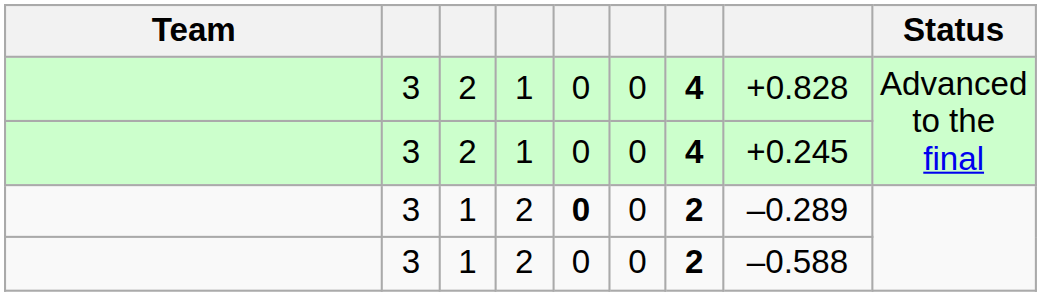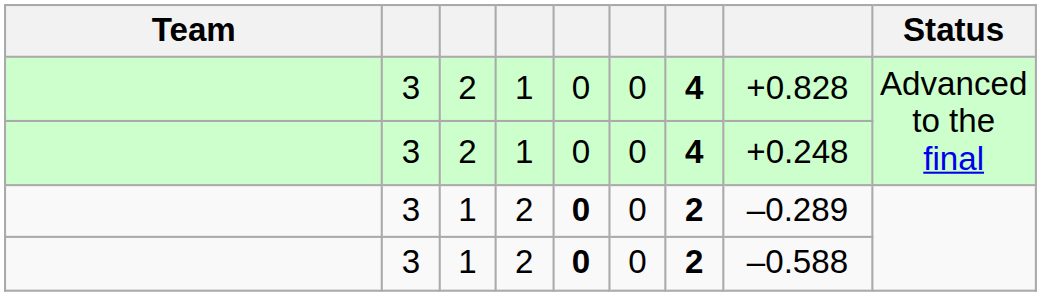 <table class="wikitable" style="text-align:center">
 <tr>
 <th style="width:175px;">Team</th>
 <th style="width:20px;"></th>
 <th style="width:20px;"></th>
 <th style="width:20px;"></th>
 <th style="width:20px;"></th>
 <th style="width:20px;"></th>
 <th style="width:20px;"></th>
 <th style="width:65px;"></th>
 <th style="width:65px;">Status</th>
 </tr>
 <tr style="background:#cfc;">
 <td style="text-align:left"></td>
 <td>3</td>
 <td>2</td>
 <td>1</td>
 <td>0</td>
 <td>0</td>
 <td><strong>4</strong></td>
 <td>+0.828</td>
 <td rowspan="2">Advanced to the <a href='#'>final</a></td>
 </tr>
 <tr style="background:#cfc;">
 <td style="text-align:left"></td>
 <td>3</td>
 <td>2</td>
 <td>1</td>
 <td>0</td>
 <td>0</td>
 <td><strong>4</strong></td>
-<td>+0.245</td>
+<td>+0.248</td>
 </tr>
 <tr>
 <td style="text-align:left"></td>
 <td>3</td>
 <td>1</td>
 <td>2</td>
 <td><strong>0</strong></td>
 <td>0</td>
 <td><strong>2</strong></td>
 <td>–0.289</td>
 <td rowspan="2"></td>
 </tr>
 <tr>
 <td style="text-align:left"></td>
 <td>3</td>
 <td>1</td>
 <td>2</td>
-<td>0</td>
+<td><strong>0</strong></td>
 <td>0</td>
 <td><strong>2</strong></td>
 <td>–0.588</td>
 </tr>
 </table>
